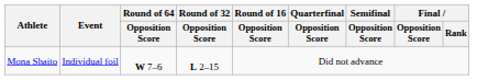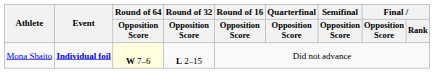 <table class="wikitable" style="font-size:90%">
 <tr>
 <th rowspan="2">Athlete</th>
 <th rowspan="2">Event</th>
 <th>Round of 64</th>
 <th>Round of 32</th>
 <th>Round of 16</th>
 <th>Quarterfinal</th>
 <th>Semifinal</th>
 <th colspan=2>Final / </th>
 </tr>
 <tr style="font-size:95%">
 <th>Opposition <br> Score</th>
 <th>Opposition <br> Score</th>
 <th>Opposition <br> Score</th>
 <th>Opposition <br> Score</th>
 <th>Opposition <br> Score</th>
 <th>Opposition <br> Score</th>
 <th>Rank</th>
 </tr>
 <tr align=center>
 <td align=left><a href='#'>Mona Shaito</a></td>
-<td align=left><a href='#'>Individual foil</a></td>
-<td><br><strong>W</strong> 7–6</td>
+<td align=left><strong><a href='#'>Individual foil</a></strong></td>
+<td style="background: lightyellow;"><br><strong>W</strong> 7–6</td>
 <td><br><strong>L</strong> 2–15</td>
 <td colspan=5>Did not advance</td>
 </tr>
 </table>
